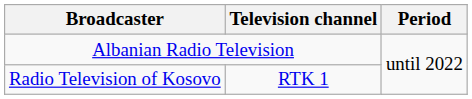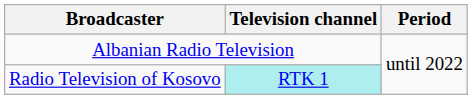 <table class="wikitable" style="text-align:center">
 <tr>
 <th>Broadcaster</th>
 <th>Television channel</th>
 <th>Period</th>
 </tr>
 <tr>
 <td colspan=2> <a href='#'>Albanian Radio Television</a></td>
 <td rowspan=2>until 2022</td>
 </tr>
 <tr>
 <td> <a href='#'>Radio Television of Kosovo</a></td>
-<td> <a href='#'>RTK 1</a></td>
+<td style="background: paleturquoise;"> <a href='#'>RTK 1</a></td>
 </tr>
 </table>
